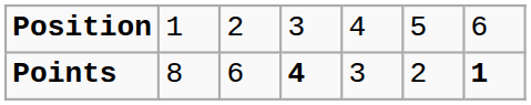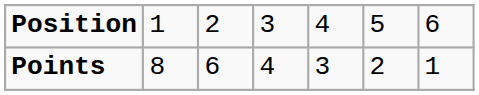 <table class="wikitable" style="font-size: 95%;">
 <tr>
 <td><strong>Position</strong></td>
 <td width=20>1</td>
 <td width=20>2</td>
 <td width=20>3</td>
 <td width=20>4</td>
 <td width=20>5</td>
 <td width=20>6</td>
 </tr>
 <tr>
 <td><strong>Points</strong></td>
 <td>8</td>
 <td>6</td>
-<td><strong>4</strong></td>
+<td>4</td>
 <td>3</td>
 <td>2</td>
-<td><strong>1</strong></td>
+<td>1</td>
 </tr>
 </table>
